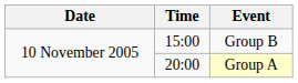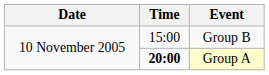 <table class = "wikitable" style="text-align:center;">
 <tr>
 <th width=150>Date</th>
 <th width=50>Time</th>
 <th width=80>Event</th>
 </tr>
 <tr>
 <td rowspan=2>10 November 2005</td>
 <td>15:00</td>
 <td>Group B</td>
 </tr>
 <tr>
-<td>20:00</td>
+<td><strong>20:00</strong></td>
 <td bgcolor=ffffcc>Group A</td>
 </tr>
 </table>
